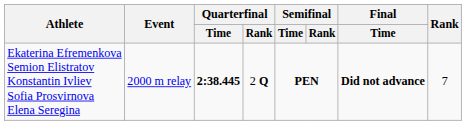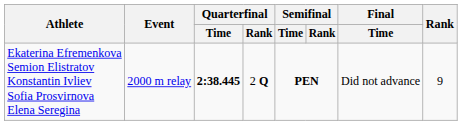 <table class=wikitable style="text-align:center; font-size:90%">
 <tr>
 <th rowspan=2>Athlete</th>
 <th rowspan=2>Event</th>
 <th colspan=2>Quarterfinal</th>
 <th colspan=2>Semifinal</th>
 <th>Final</th>
 <th rowspan=2>Rank</th>
 </tr>
 <tr style="font-size:95%">
 <th>Time</th>
 <th>Rank</th>
 <th>Time</th>
 <th>Rank</th>
 <th>Time</th>
 </tr>
 <tr>
 <td align=left><a href='#'>Ekaterina Efremenkova</a><br><a href='#'>Semion Elistratov</a><br><a href='#'>Konstantin Ivliev</a><br><a href='#'>Sofia Prosvirnova</a><br><a href='#'>Elena Seregina</a></td>
 <td align=left><a href='#'>2000 m relay</a></td>
 <td><strong>2:38.445</strong></td>
 <td>2 <strong>Q</strong></td>
 <td colspan=2><strong>PEN</strong></td>
-<td><strong>Did not advance</strong></td>
-<td>7</td>
+<td>Did not advance</td>
+<td>9</td>
 </tr>
 </table>
